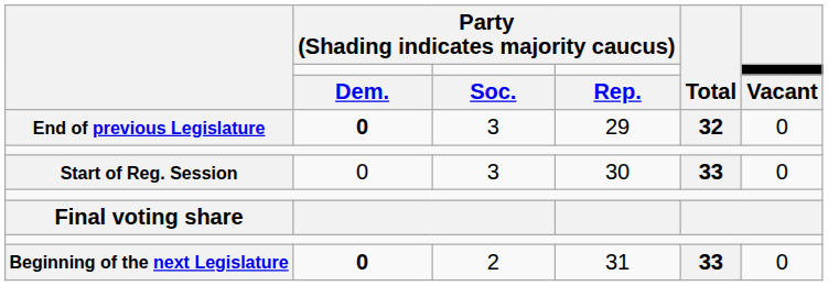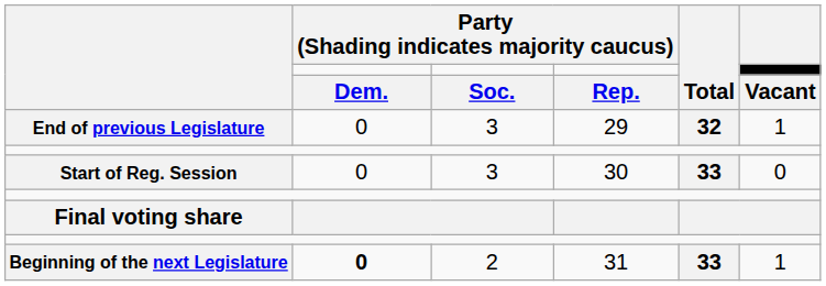 <table class=wikitable style="text-align:center">
 <tr style="vertical-align:bottom;">
 <th rowspan=3></th>
 <th colspan=3>Party <div>(Shading indicates majority caucus)</div></th>
 <th rowspan=3>Total</th>
 <th></th>
 </tr>
 <tr style="height:5px">
 <td style="background-color:"></td>
 <td style="background-color:"></td>
 <td style="background-color:"></td>
 <td style="background:black;"></td>
 </tr>
 <tr>
 <th><a href='#'>Dem.</a></th>
 <th><a href='#'>Soc.</a></th>
 <th><a href='#'>Rep.</a></th>
 <th>Vacant</th>
 </tr>
 <tr>
 <th style="font-size:80%;">End of <a href='#'>previous Legislature</a></th>
-<td><strong>0</strong></td>
+<td>0</td>
 <td>3</td>
 <td>29</td>
 <th>32</th>
-<td>0</td>
+<td>1</td>
 </tr>
 <tr>
 <td colspan=6></td>
 </tr>
 <tr>
 <th style="font-size:80%;">Start of Reg. Session</th>
 <td>0</td>
 <td>3</td>
 <td>30</td>
 <th>33</th>
 <td>0</td>
 </tr>
 <tr>
 <td colspan=6></td>
 </tr>
 <tr>
 <th>Final voting share</th>
 <th colspan=2></th>
 <th></th>
 <th colspan=2></th>
 </tr>
 <tr>
 <td colspan=6></td>
 </tr>
 <tr>
 <th style="font-size:80%;">Beginning of the <a href='#'>next Legislature</a></th>
 <td><strong>0</strong></td>
 <td>2</td>
 <td>31</td>
 <th>33</th>
-<td>0</td>
+<td>1</td>
 </tr>
 </table>
